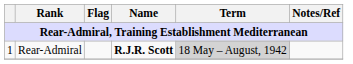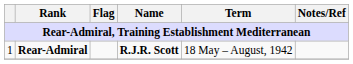 <table class="wikitable">
 <tr>
 <th></th>
 <th>Rank</th>
 <th>Flag</th>
 <th>Name</th>
 <th>Term</th>
 <th>Notes/Ref</th>
 </tr>
 <tr>
 <td colspan="6" align="center" style="background:#dcdcfe;"><strong>Rear-Admiral, Training Establishment Mediterranean</strong></td>
 </tr>
 <tr>
 <td>1</td>
-<td>Rear-Admiral</td>
+<td><strong>Rear-Admiral</strong></td>
 <td></td>
 <td><strong>R.J.R. Scott</strong></td>
-<td style="background: lightgrey;">18 May – August, 1942</td>
+<td>18 May – August, 1942</td>
 <td></td>
 </tr>
 <tr>
 </tr>
 </table>
